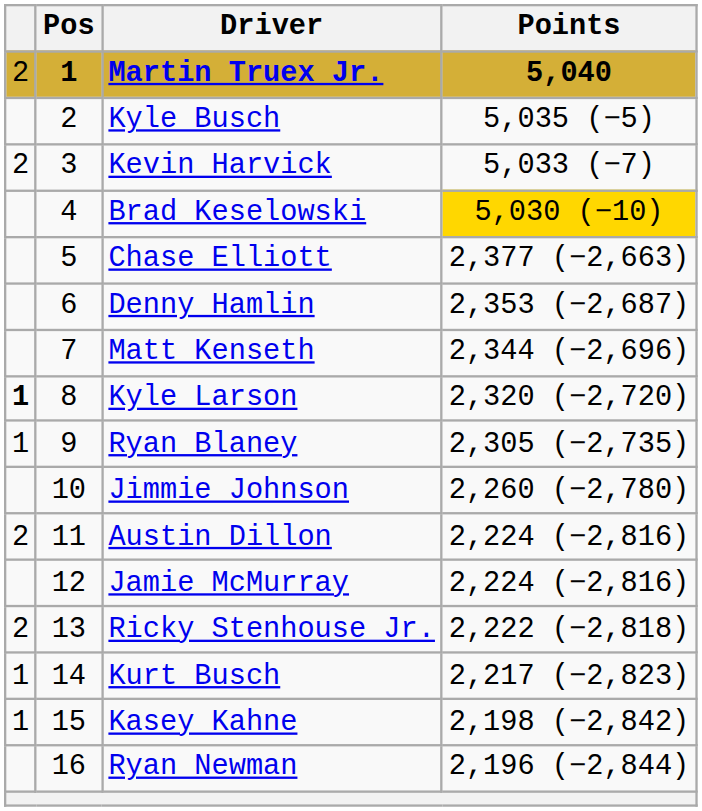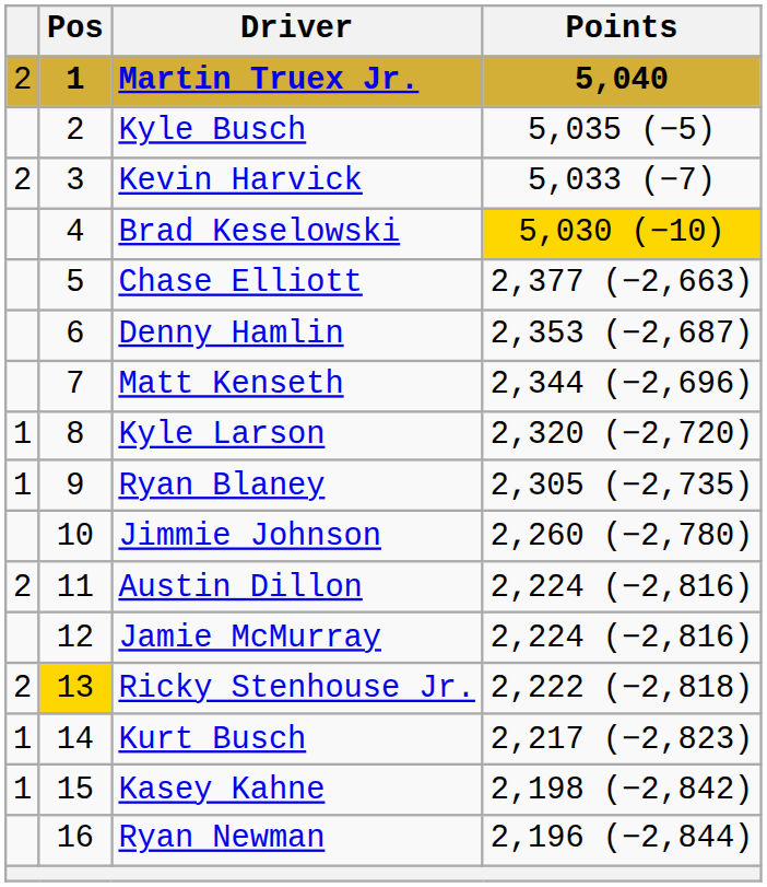 <table class="wikitable" style="font-size: 95%">
 <tr>
 <th></th>
 <th>Pos</th>
 <th>Driver</th>
 <th>Points</th>
 </tr>
 <tr style="background:#D4AF37;">
 <td align="left"> 2</td>
 <td style="text-align:center;"><strong>1</strong></td>
 <td><strong><a href='#'>Martin Truex Jr.</a></strong></td>
 <td style="text-align:center;"><strong>5,040</strong></td>
 </tr>
 <tr>
 <td align="left"></td>
 <td style="text-align:center;">2</td>
 <td><a href='#'>Kyle Busch</a></td>
 <td style="text-align:center;">5,035 (−5)</td>
 </tr>
 <tr>
 <td align="left"> 2</td>
 <td style="text-align:center;">3</td>
 <td><a href='#'>Kevin Harvick</a></td>
 <td style="text-align:center;">5,033 (−7)</td>
 </tr>
 <tr>
 <td align="left"></td>
 <td style="text-align:center;">4</td>
 <td><a href='#'>Brad Keselowski</a></td>
 <td style="background: gold; text-align:center;">5,030 (−10)</td>
 </tr>
 <tr>
 <td align="left"></td>
 <td style="text-align:center;">5</td>
 <td><a href='#'>Chase Elliott</a></td>
 <td style="text-align:center;">2,377 (−2,663)</td>
 </tr>
 <tr>
 <td align="left"></td>
 <td style="text-align:center;">6</td>
 <td><a href='#'>Denny Hamlin</a></td>
 <td style="text-align:center;">2,353 (−2,687)</td>
 </tr>
 <tr>
 <td align="left"></td>
 <td style="text-align:center;">7</td>
 <td><a href='#'>Matt Kenseth</a></td>
 <td style="text-align:center;">2,344 (−2,696)</td>
 </tr>
 <tr>
-<td align="left"><strong> 1</strong></td>
+<td align="left"> 1</td>
 <td style="text-align:center;">8</td>
 <td><a href='#'>Kyle Larson</a></td>
 <td style="text-align:center;">2,320 (−2,720)</td>
 </tr>
 <tr>
 <td align="left"> 1</td>
 <td style="text-align:center;">9</td>
 <td><a href='#'>Ryan Blaney</a></td>
 <td style="text-align:center;">2,305 (−2,735)</td>
 </tr>
 <tr>
 <td align="left"></td>
 <td style="text-align:center;">10</td>
 <td><a href='#'>Jimmie Johnson</a></td>
 <td style="text-align:center;">2,260 (−2,780)</td>
 </tr>
 <tr>
 <td align="left"> 2</td>
 <td style="text-align:center;">11</td>
 <td><a href='#'>Austin Dillon</a></td>
 <td style="text-align:center;">2,224 (−2,816)</td>
 </tr>
 <tr>
 <td align="left"></td>
 <td style="text-align:center;">12</td>
 <td><a href='#'>Jamie McMurray</a></td>
 <td style="text-align:center;">2,224 (−2,816)</td>
 </tr>
 <tr>
 <td align="left"> 2</td>
-<td style="text-align:center;">13</td>
+<td style="background: gold; text-align:center;">13</td>
 <td><a href='#'>Ricky Stenhouse Jr.</a></td>
 <td style="text-align:center;">2,222 (−2,818)</td>
 </tr>
 <tr>
 <td align="left"> 1</td>
 <td style="text-align:center;">14</td>
 <td><a href='#'>Kurt Busch</a></td>
 <td style="text-align:center;">2,217 (−2,823)</td>
 </tr>
 <tr>
 <td align="left"> 1</td>
 <td style="text-align:center;">15</td>
 <td><a href='#'>Kasey Kahne</a></td>
 <td style="text-align:center;">2,198 (−2,842)</td>
 </tr>
 <tr>
 <td align="left"></td>
 <td style="text-align:center;">16</td>
 <td><a href='#'>Ryan Newman</a></td>
 <td style="text-align:center;">2,196 (−2,844)</td>
 </tr>
 <tr class="sortbottom">
 <th colspan="9"></th>
 </tr>
 </table>
